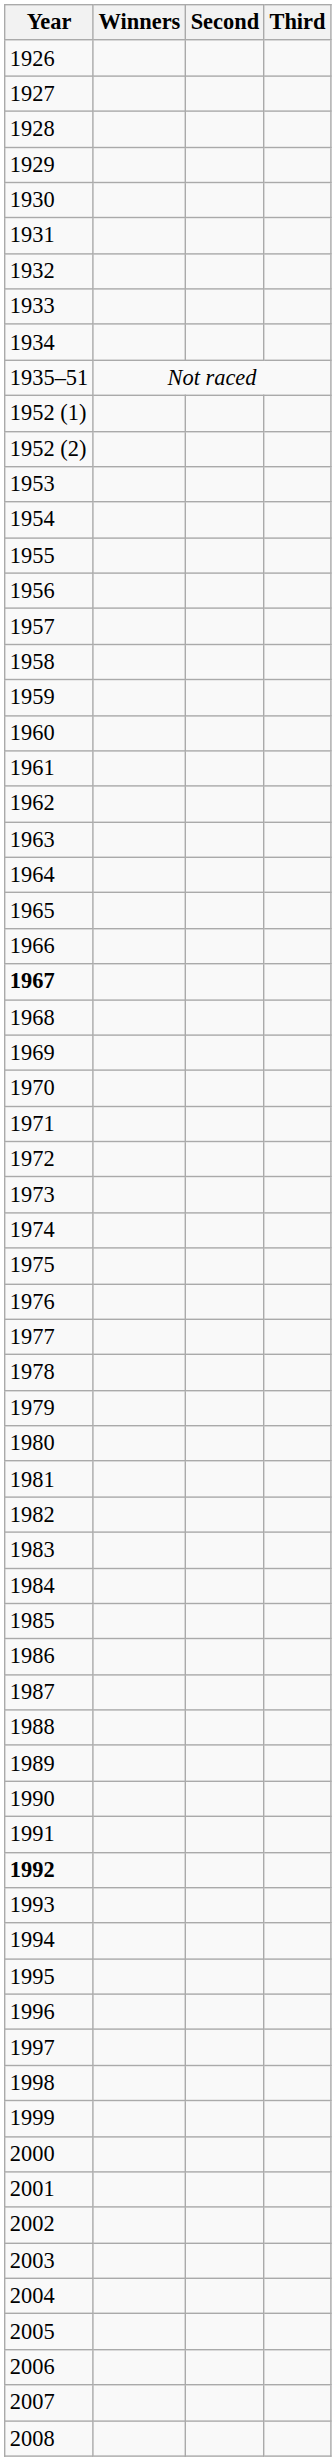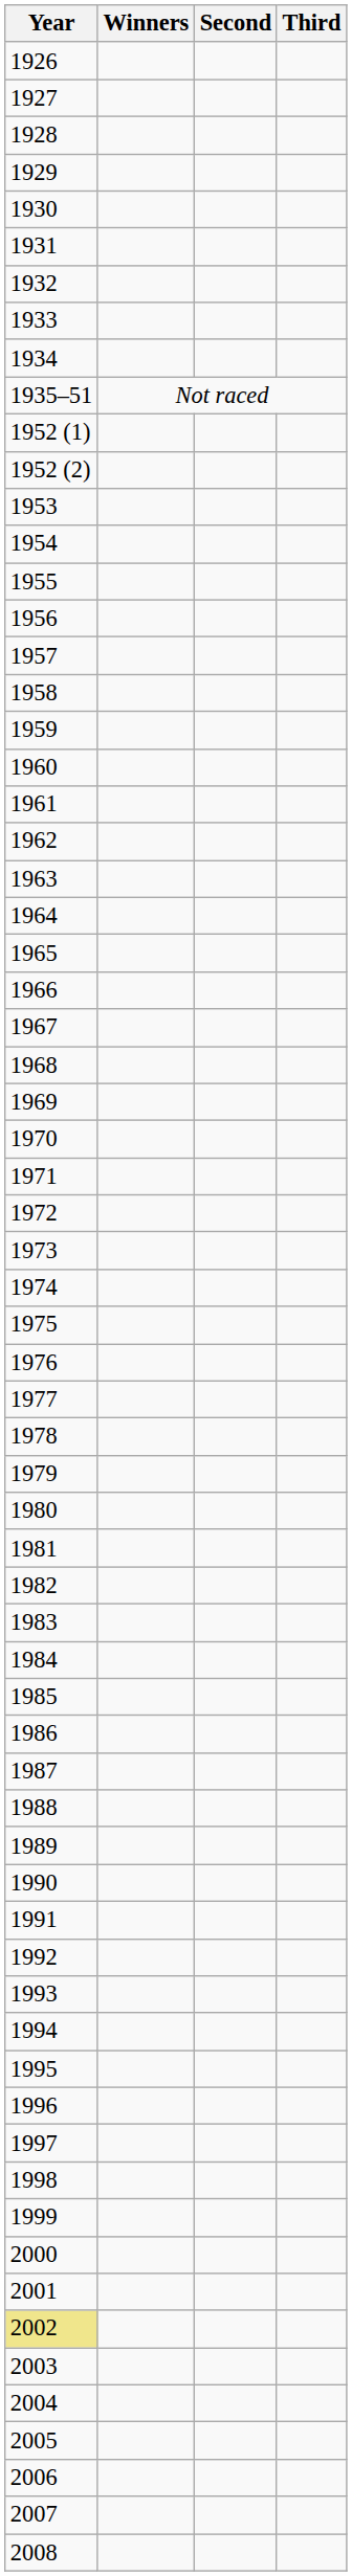 <table class="wikitable">
 <tr>
 <th>Year</th>
 <th>Winners</th>
 <th>Second</th>
 <th>Third</th>
 </tr>
 <tr>
 <td>1926</td>
 <td> <br> </td>
 <td> <br> </td>
 <td> <br> </td>
 </tr>
 <tr>
 <td>1927</td>
 <td> <br> </td>
 <td> <br> </td>
 <td> <br> </td>
 </tr>
 <tr>
 <td>1928</td>
 <td> <br> </td>
 <td> <br> </td>
 <td> <br> </td>
 </tr>
 <tr>
 <td>1929</td>
 <td> <br> </td>
 <td> <br> </td>
 <td> <br> </td>
 </tr>
 <tr>
 <td>1930</td>
 <td> <br> </td>
 <td> <br> </td>
 <td> <br> </td>
 </tr>
 <tr>
 <td>1931</td>
 <td> <br> </td>
 <td> <br> </td>
 <td> <br> </td>
 </tr>
 <tr>
 <td>1932</td>
 <td> <br> </td>
 <td> <br> </td>
 <td> <br> </td>
 </tr>
 <tr>
 <td>1933</td>
 <td> <br> </td>
 <td> <br> </td>
 <td> <br> </td>
 </tr>
 <tr>
 <td>1934</td>
 <td> <br> </td>
 <td> <br> </td>
 <td> <br> </td>
 </tr>
 <tr>
 <td>1935–51</td>
 <td colspan=3 align=center><em>Not raced</em></td>
 </tr>
 <tr>
 <td>1952 (1)</td>
 <td> <br> </td>
 <td> <br> </td>
 <td> <br> </td>
 </tr>
 <tr>
 <td>1952 (2)</td>
 <td> <br> </td>
 <td> <br> </td>
 <td> <br> </td>
 </tr>
 <tr>
 <td>1953</td>
 <td> <br> </td>
 <td> <br> </td>
 <td> <br> </td>
 </tr>
 <tr>
 <td>1954</td>
 <td> <br> </td>
 <td> <br> </td>
 <td> <br> </td>
 </tr>
 <tr>
 <td>1955</td>
 <td> <br> </td>
 <td> <br> </td>
 <td> <br> </td>
 </tr>
 <tr>
 <td>1956</td>
 <td> <br> </td>
 <td> <br> </td>
 <td> <br> </td>
 </tr>
 <tr>
 <td>1957</td>
 <td> <br> </td>
 <td> <br> </td>
 <td> <br> </td>
 </tr>
 <tr>
 <td>1958</td>
 <td> <br> </td>
 <td> <br> </td>
 <td> <br> </td>
 </tr>
 <tr>
 <td>1959</td>
 <td> <br> </td>
 <td> <br> </td>
 <td> <br> </td>
 </tr>
 <tr>
 <td>1960</td>
 <td> <br> </td>
 <td> <br> </td>
 <td> <br> </td>
 </tr>
 <tr>
 <td>1961</td>
 <td> <br> </td>
 <td> <br> </td>
 <td> <br> </td>
 </tr>
 <tr>
 <td>1962</td>
 <td> <br> </td>
 <td> <br> </td>
 <td> <br> </td>
 </tr>
 <tr>
 <td>1963</td>
 <td> <br> </td>
 <td> <br> </td>
 <td> <br> </td>
 </tr>
 <tr>
 <td>1964</td>
 <td> <br> </td>
 <td> <br> </td>
 <td> <br> </td>
 </tr>
 <tr>
 <td>1965</td>
 <td> <br> </td>
 <td> <br> </td>
 <td> <br> </td>
 </tr>
 <tr>
 <td>1966</td>
 <td> <br> </td>
 <td> <br> </td>
 <td> <br> </td>
 </tr>
 <tr>
-<td><strong>1967</strong></td>
+<td>1967</td>
 <td> <br> </td>
 <td> <br> </td>
 <td> <br> </td>
 </tr>
 <tr>
 <td>1968</td>
 <td> <br> </td>
 <td> <br> </td>
 <td> <br> </td>
 </tr>
 <tr>
 <td>1969</td>
 <td> <br> </td>
 <td> <br> </td>
 <td> <br> </td>
 </tr>
 <tr>
 <td>1970</td>
 <td> <br> </td>
 <td> <br> </td>
 <td> <br> </td>
 </tr>
 <tr>
 <td>1971</td>
 <td> <br> </td>
 <td> <br> </td>
 <td> <br> </td>
 </tr>
 <tr>
 <td>1972</td>
 <td> <br> </td>
 <td> <br> </td>
 <td> <br> </td>
 </tr>
 <tr>
 <td>1973</td>
 <td> <br> </td>
 <td> <br> </td>
 <td> <br> </td>
 </tr>
 <tr>
 <td>1974</td>
 <td> <br> </td>
 <td> <br> </td>
 <td> <br> </td>
 </tr>
 <tr>
 <td>1975</td>
 <td> <br> </td>
 <td> <br> </td>
 <td> <br> </td>
 </tr>
 <tr>
 <td>1976</td>
 <td> <br> </td>
 <td> <br> </td>
 <td> <br> </td>
 </tr>
 <tr>
 <td>1977</td>
 <td> <br> </td>
 <td> <br> </td>
 <td> <br> </td>
 </tr>
 <tr>
 <td>1978</td>
 <td> <br> </td>
 <td> <br> </td>
 <td> <br> </td>
 </tr>
 <tr>
 <td>1979</td>
 <td> <br> </td>
 <td> <br> </td>
 <td> <br> </td>
 </tr>
 <tr>
 <td>1980</td>
 <td> <br> </td>
 <td> <br> </td>
 <td> <br> </td>
 </tr>
 <tr>
 <td>1981</td>
 <td> <br> </td>
 <td> <br> </td>
 <td> <br> </td>
 </tr>
 <tr>
 <td>1982</td>
 <td> <br> </td>
 <td> <br> </td>
 <td> <br> </td>
 </tr>
 <tr>
 <td>1983</td>
 <td> <br> </td>
 <td> <br> </td>
 <td> <br> </td>
 </tr>
 <tr>
 <td>1984</td>
 <td> <br> </td>
 <td> <br> </td>
 <td> <br> </td>
 </tr>
 <tr>
 <td>1985</td>
 <td> <br> </td>
 <td> <br> </td>
 <td> <br> </td>
 </tr>
 <tr>
 <td>1986</td>
 <td> <br> </td>
 <td> <br> </td>
 <td> <br> </td>
 </tr>
 <tr>
 <td>1987</td>
 <td> <br> </td>
 <td> <br> </td>
 <td> <br> </td>
 </tr>
 <tr>
 <td>1988</td>
 <td> <br> </td>
 <td> <br> </td>
 <td> <br> </td>
 </tr>
 <tr>
 <td>1989</td>
 <td> <br> </td>
 <td> <br> </td>
 <td> <br> </td>
 </tr>
 <tr>
 <td>1990</td>
 <td> <br> </td>
 <td> <br> </td>
 <td> <br> </td>
 </tr>
 <tr>
 <td>1991</td>
 <td> <br> </td>
 <td> <br> </td>
 <td> <br> </td>
 </tr>
 <tr>
-<td><strong>1992</strong></td>
+<td>1992</td>
 <td> <br> </td>
 <td> <br> </td>
 <td> <br> </td>
 </tr>
 <tr>
 <td>1993</td>
 <td> <br> </td>
 <td> <br> </td>
 <td> <br> </td>
 </tr>
 <tr>
 <td>1994</td>
 <td> <br> </td>
 <td> <br> </td>
 <td> <br> </td>
 </tr>
 <tr>
 <td>1995</td>
 <td> <br> </td>
 <td> <br> </td>
 <td> <br> </td>
 </tr>
 <tr>
 <td>1996</td>
 <td> <br> </td>
 <td> <br> </td>
 <td> <br> </td>
 </tr>
 <tr>
 <td>1997</td>
 <td> <br> </td>
 <td> <br> </td>
 <td> <br> </td>
 </tr>
 <tr>
 <td>1998</td>
 <td> <br> </td>
 <td> <br> </td>
 <td> <br> </td>
 </tr>
 <tr>
 <td>1999</td>
 <td> <br> </td>
 <td> <br> </td>
 <td> <br> </td>
 </tr>
 <tr>
 <td>2000</td>
 <td> <br> </td>
 <td> <br> </td>
 <td> <br> </td>
 </tr>
 <tr>
 <td>2001</td>
 <td> <br> </td>
 <td> <br> </td>
 <td> <br> </td>
 </tr>
 <tr>
-<td>2002</td>
+<td style="background: khaki;">2002</td>
 <td> <br> </td>
 <td> <br> </td>
 <td> <br> </td>
 </tr>
 <tr>
 <td>2003</td>
 <td> <br> </td>
 <td> <br> </td>
 <td> <br> </td>
 </tr>
 <tr>
 <td>2004</td>
 <td> <br> </td>
 <td> <br> </td>
 <td> <br> </td>
 </tr>
 <tr>
 <td>2005</td>
 <td> <br> </td>
 <td> <br> </td>
 <td> <br> </td>
 </tr>
 <tr>
 <td>2006</td>
 <td> <br> </td>
 <td> <br> </td>
 <td> <br> </td>
 </tr>
 <tr>
 <td>2007</td>
 <td> <br> </td>
 <td> <br> </td>
 <td> <br> </td>
 </tr>
 <tr>
 <td>2008</td>
 <td> <br> </td>
 <td> <br> </td>
 <td> <br> </td>
 </tr>
 </table>
